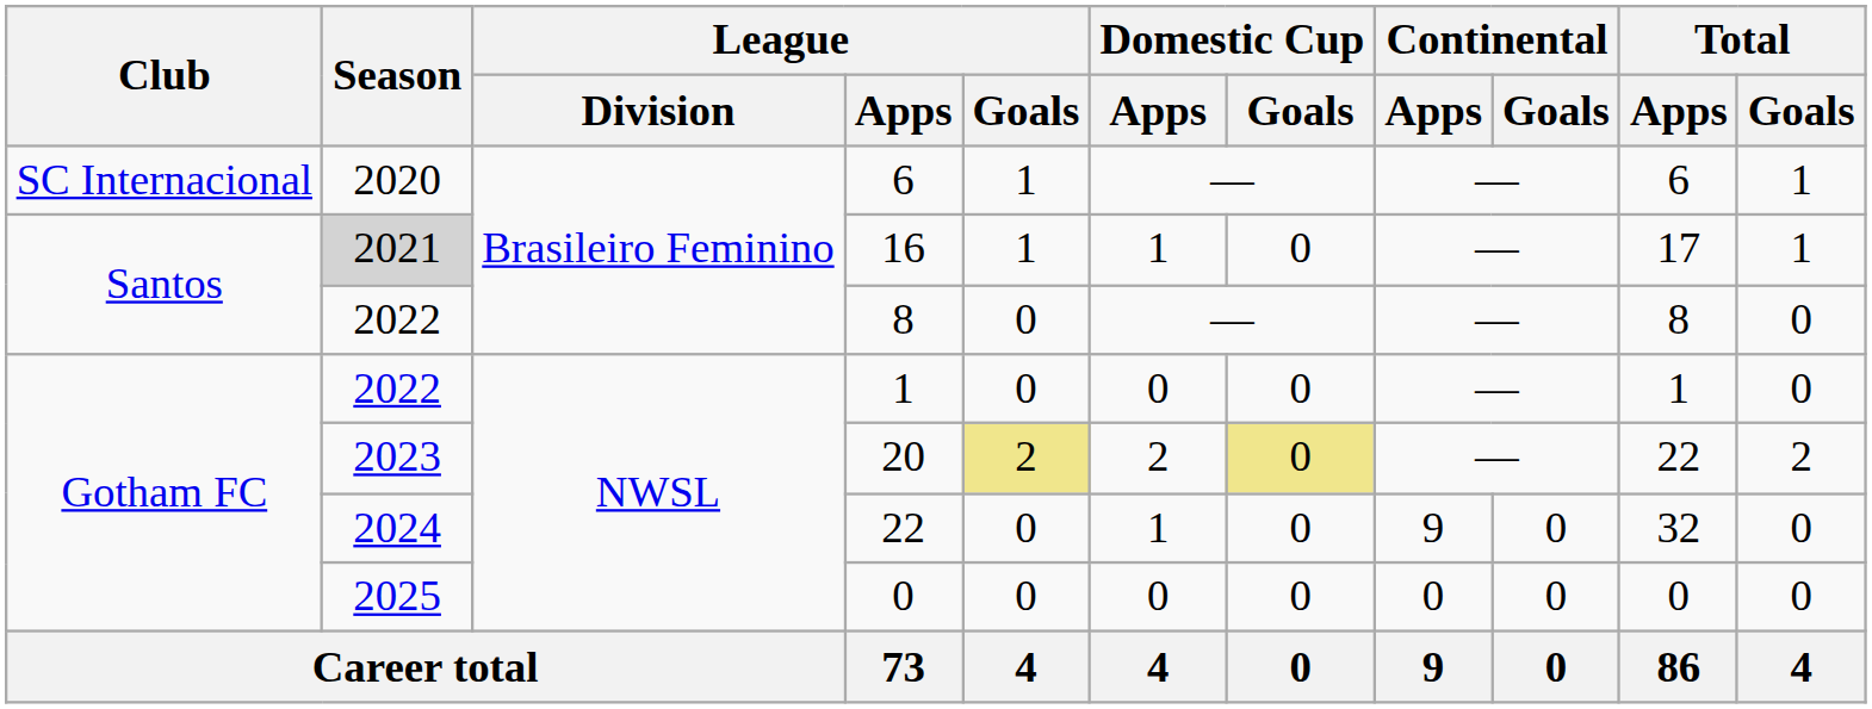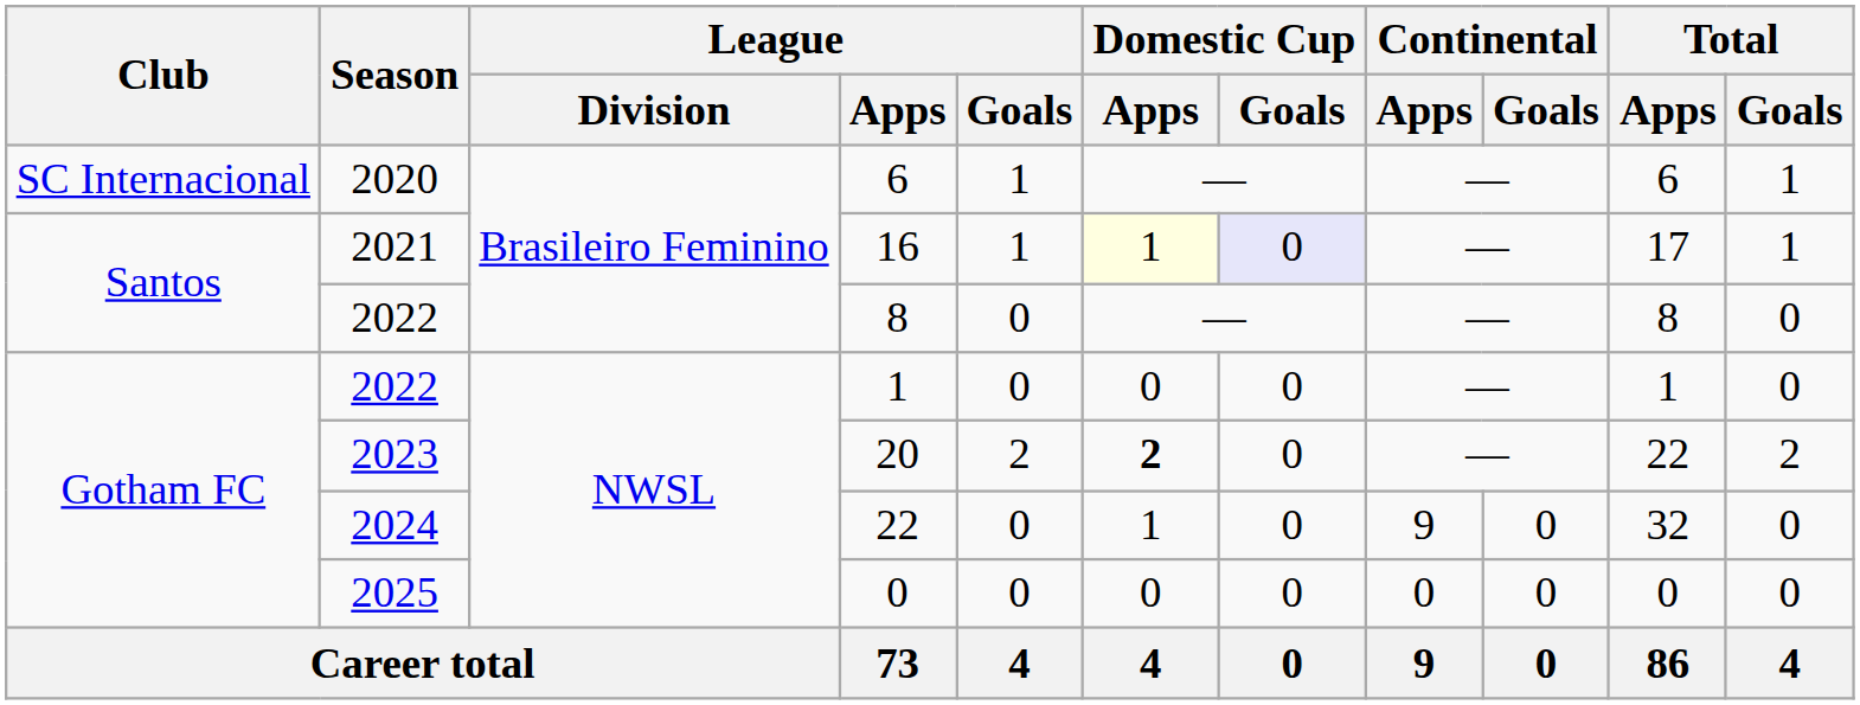 <table class="wikitable" style="text-align:center">
 <tr>
 <th rowspan="2">Club</th>
 <th rowspan="2">Season</th>
 <th colspan="3">League</th>
 <th colspan="2">Domestic Cup</th>
 <th colspan="2">Continental</th>
 <th colspan="2">Total</th>
 </tr>
 <tr>
 <th>Division</th>
 <th>Apps</th>
 <th>Goals</th>
 <th>Apps</th>
 <th>Goals</th>
 <th>Apps</th>
 <th>Goals</th>
 <th>Apps</th>
 <th>Goals</th>
 </tr>
 <tr>
 <td><a href='#'>SC Internacional</a></td>
 <td>2020</td>
 <td rowspan="3"><a href='#'>Brasileiro Feminino</a></td>
 <td>6</td>
 <td>1</td>
 <td colspan="2">—</td>
 <td colspan="2">—</td>
 <td>6</td>
 <td>1</td>
 </tr>
 <tr>
 <td rowspan="2"><a href='#'>Santos</a></td>
-<td style="background: lightgrey;">2021</td>
+<td>2021</td>
 <td>16</td>
 <td>1</td>
-<td>1</td>
-<td>0</td>
+<td style="background: lightyellow;">1</td>
+<td style="background: lavender;">0</td>
 <td colspan="2">—</td>
 <td>17</td>
 <td>1</td>
 </tr>
 <tr>
 <td>2022</td>
 <td>8</td>
 <td>0</td>
 <td colspan="2">—</td>
 <td colspan="2">—</td>
 <td>8</td>
 <td>0</td>
 </tr>
 <tr>
 <td rowspan="4"><a href='#'>Gotham FC</a></td>
 <td><a href='#'>2022</a></td>
 <td rowspan="4"><a href='#'>NWSL</a></td>
 <td>1</td>
 <td>0</td>
 <td>0</td>
 <td>0</td>
 <td colspan="2">—</td>
 <td>1</td>
 <td>0</td>
 </tr>
 <tr>
 <td><a href='#'>2023</a></td>
 <td>20</td>
-<td style="background: khaki;">2</td>
 <td>2</td>
-<td style="background: khaki;">0</td>
+<td><strong>2</strong></td>
+<td>0</td>
 <td colspan="2">—</td>
 <td>22</td>
 <td>2</td>
 </tr>
 <tr>
 <td><a href='#'>2024</a></td>
 <td>22</td>
 <td>0</td>
 <td>1</td>
 <td>0</td>
 <td>9</td>
 <td>0</td>
 <td>32</td>
 <td>0</td>
 </tr>
 <tr>
 <td><a href='#'>2025</a></td>
 <td>0</td>
 <td>0</td>
 <td>0</td>
 <td>0</td>
 <td>0</td>
 <td>0</td>
 <td>0</td>
 <td>0</td>
 </tr>
 <tr>
 <th colspan="3">Career total</th>
 <th>73</th>
 <th>4</th>
 <th>4</th>
 <th>0</th>
 <th>9</th>
 <th>0</th>
 <th>86</th>
 <th>4</th>
 </tr>
 </table>
